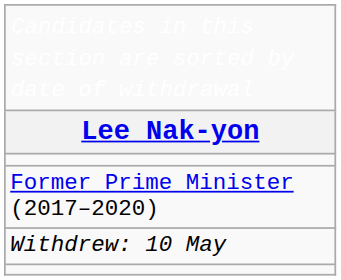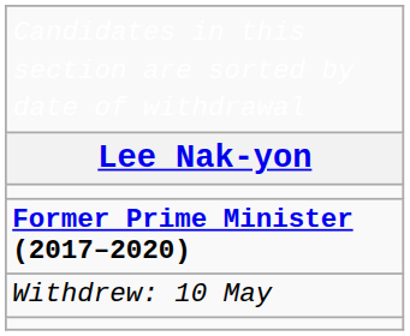 <table class="wikitable defaultcenter">
 <tr>
 <td style="font-size:120%; color:white; background:"><em><small>Candidates in this section are sorted by date of withdrawal</small></em></td>
 </tr>
 <tr>
 <th scope="col" style="width:11.8em; font-size:120%;"><a href='#'>Lee Nak-yon</a></th>
 </tr>
 <tr>
 <td></td>
 </tr>
 <tr>
-<td><a href='#'>Former Prime Minister</a><br>(2017–2020)</td>
+<td><strong><a href='#'>Former Prime Minister</a><br>(2017–2020)</strong></td>
 </tr>
 <tr>
 <td><em>Withdrew: 10 May</em><br></td>
 </tr>
 <tr>
 <td></td>
 </tr>
 </table>
